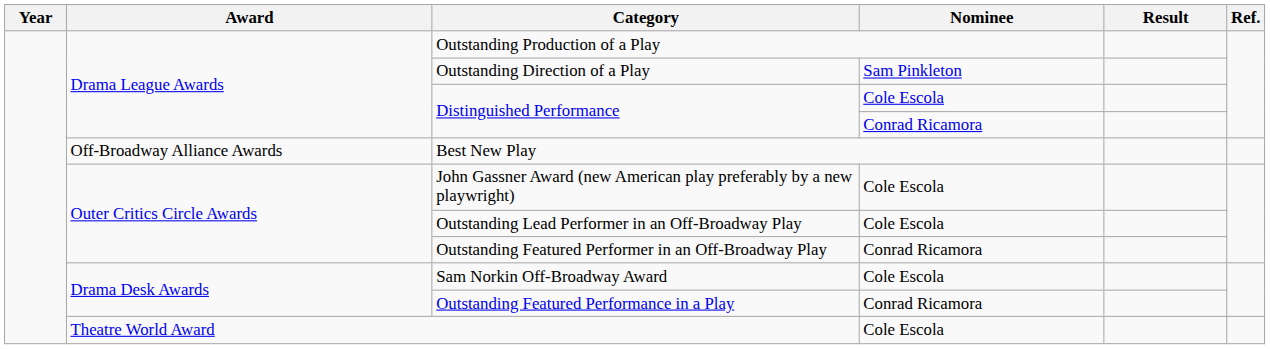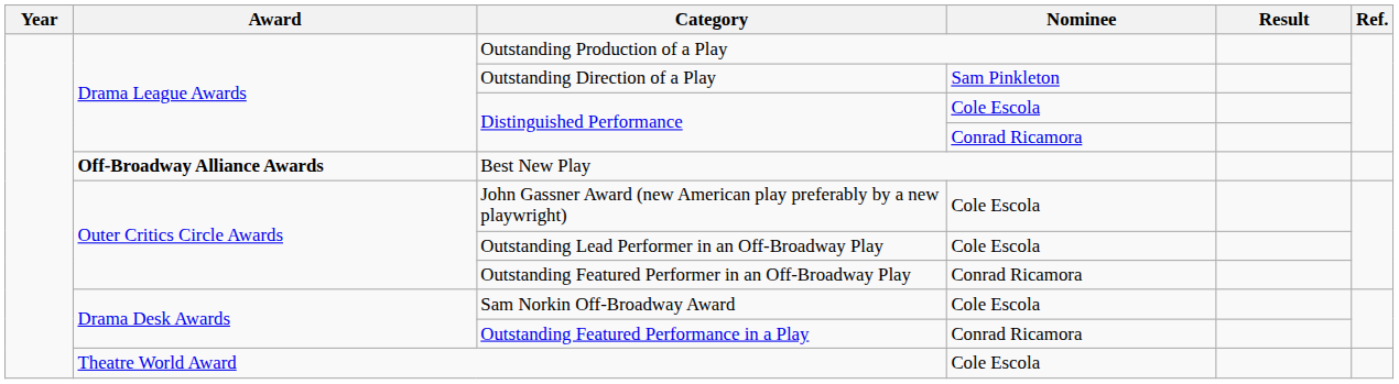 <table class="wikitable" width="95%">
 <tr>
 <th width="5%">Year</th>
 <th width="30%">Award</th>
 <th width="35%">Category</th>
 <th width="20%">Nominee</th>
 <th width="10%">Result</th>
 <th class=unsortable>Ref.</th>
 </tr>
 <tr>
 <td rowspan=11></td>
 <td rowspan=4><a href='#'>Drama League Awards</a></td>
 <td colspan=2>Outstanding Production of a Play</td>
 <td></td>
 <td rowspan=4></td>
 </tr>
 <tr>
 <td>Outstanding Direction of a Play</td>
 <td><a href='#'>Sam Pinkleton</a></td>
 <td></td>
 </tr>
 <tr>
 <td rowspan=2><a href='#'>Distinguished Performance</a></td>
 <td><a href='#'>Cole Escola</a></td>
 <td></td>
 </tr>
 <tr>
 <td><a href='#'>Conrad Ricamora</a></td>
 <td></td>
 </tr>
 <tr>
-<td>Off-Broadway Alliance Awards</td>
+<td><strong>Off-Broadway Alliance Awards</strong></td>
 <td colspan="2">Best New Play</td>
 <td></td>
 <td></td>
 </tr>
 <tr>
 <td rowspan=3><a href='#'>Outer Critics Circle Awards</a></td>
 <td>John Gassner Award (new American play preferably by a new playwright)</td>
 <td>Cole Escola</td>
 <td></td>
 <td rowspan=3></td>
 </tr>
 <tr>
 <td>Outstanding Lead Performer in an Off-Broadway Play</td>
 <td>Cole Escola</td>
 <td></td>
 </tr>
 <tr>
 <td>Outstanding Featured Performer in an Off-Broadway Play</td>
 <td>Conrad Ricamora</td>
 <td></td>
 </tr>
 <tr>
 <td rowspan=2><a href='#'>Drama Desk Awards</a></td>
 <td>Sam Norkin Off-Broadway Award</td>
 <td>Cole Escola</td>
 <td></td>
 <td rowspan=2></td>
 </tr>
 <tr>
 <td><a href='#'>Outstanding Featured Performance in a Play</a></td>
 <td>Conrad Ricamora</td>
 <td></td>
 </tr>
 <tr>
 <td colspan="2"><a href='#'>Theatre World Award</a></td>
 <td>Cole Escola</td>
 <td></td>
 <td></td>
 </tr>
 </table>
